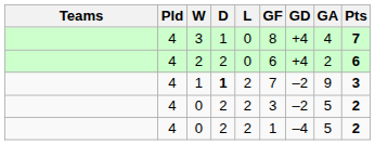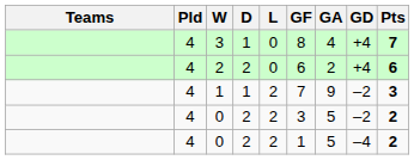 <table class="wikitable" style="text-align: center;">
 <tr>
 <th width=165>Teams</th>
 <th width=20>Pld</th>
 <th width=20>W</th>
 <th width=20>D</th>
 <th width=20>L</th>
 <th width=20>GF</th>
+<th width=20>GA</th>
 <th width=20>GD</th>
-<th width=20>GA</th>
 <th width=20>Pts</th>
 </tr>
 <tr align=center style="background:#ccffcc;">
 <td style="text-align:left;"></td>
 <td>4</td>
 <td>3</td>
 <td>1</td>
 <td>0</td>
 <td>8</td>
+<td>4</td>
 <td>+4</td>
-<td>4</td>
 <td><strong>7</strong></td>
 </tr>
 <tr align=center style="background:#ccffcc;">
 <td style="text-align:left;"></td>
 <td>4</td>
 <td>2</td>
 <td>2</td>
 <td>0</td>
 <td>6</td>
+<td>2</td>
 <td>+4</td>
-<td>2</td>
 <td><strong>6</strong></td>
 </tr>
 <tr align=center>
 <td style="text-align:left;"></td>
 <td>4</td>
 <td>1</td>
-<td><strong>1</strong></td>
+<td>1</td>
 <td>2</td>
 <td>7</td>
+<td>9</td>
 <td>–2</td>
-<td>9</td>
 <td><strong>3</strong></td>
 </tr>
 <tr align=center>
 <td style="text-align:left;"></td>
 <td>4</td>
 <td>0</td>
 <td>2</td>
 <td>2</td>
 <td>3</td>
+<td>5</td>
 <td>–2</td>
-<td>5</td>
 <td><strong>2</strong></td>
 </tr>
 <tr align=center>
 <td style="text-align:left;"></td>
 <td>4</td>
 <td>0</td>
 <td>2</td>
 <td>2</td>
 <td>1</td>
+<td>5</td>
 <td>–4</td>
-<td>5</td>
 <td><strong>2</strong></td>
 </tr>
 </table>
